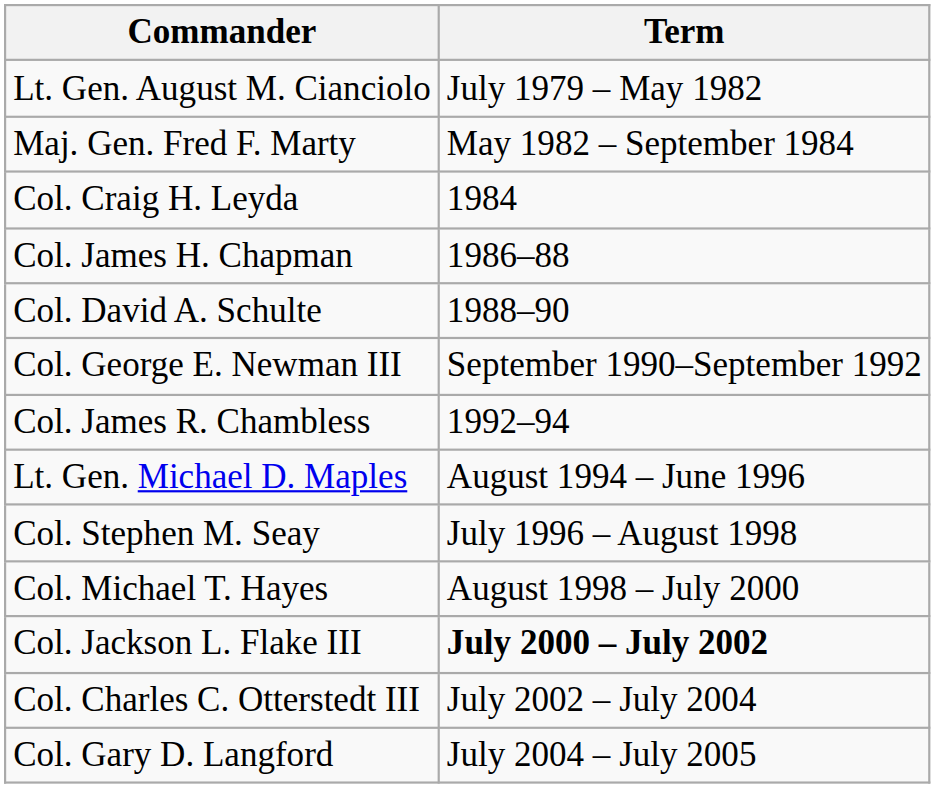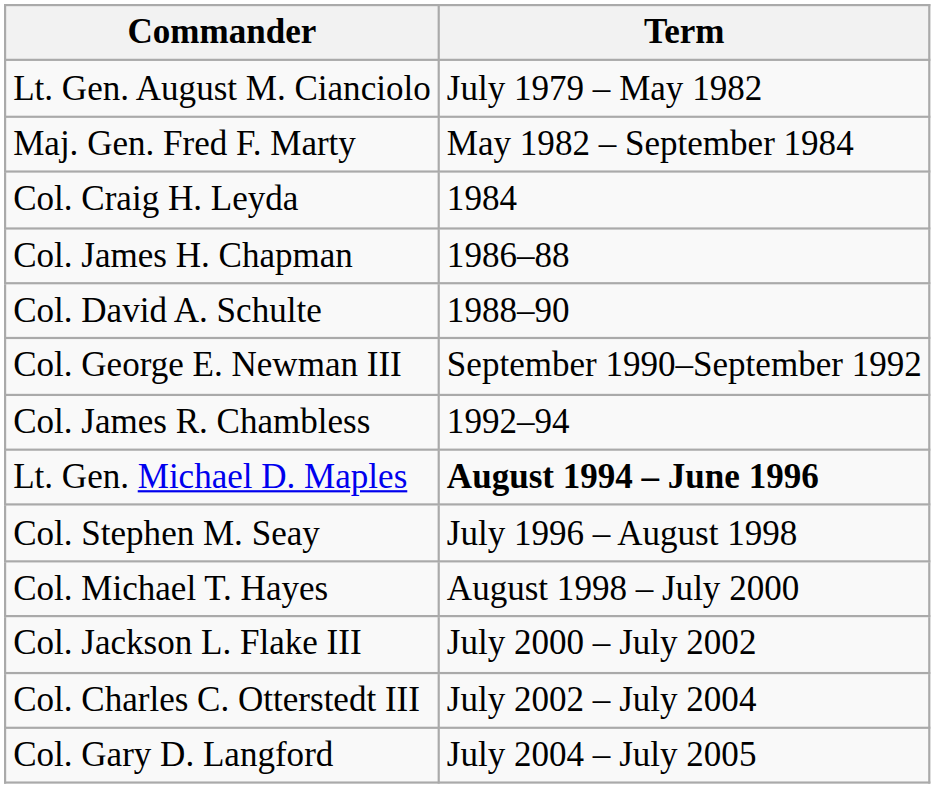 <table class="wikitable">
 <tr>
 <th>Commander</th>
 <th>Term</th>
 </tr>
 <tr>
 <td>Lt. Gen. August M. Cianciolo</td>
 <td>July 1979 – May 1982</td>
 </tr>
 <tr>
 <td>Maj. Gen. Fred F. Marty</td>
 <td>May 1982 – September 1984</td>
 </tr>
 <tr>
 <td>Col. Craig H. Leyda</td>
 <td>1984</td>
 </tr>
 <tr>
 <td>Col. James H. Chapman</td>
 <td>1986–88</td>
 </tr>
 <tr>
 <td>Col. David A. Schulte</td>
 <td>1988–90</td>
 </tr>
 <tr>
 <td>Col. George E. Newman III</td>
 <td>September 1990–September 1992</td>
 </tr>
 <tr>
 <td>Col. James R. Chambless</td>
 <td>1992–94</td>
 </tr>
 <tr>
 <td>Lt. Gen. <a href='#'>Michael D. Maples</a></td>
-<td>August 1994 – June 1996</td>
+<td><strong>August 1994 – June 1996</strong></td>
 </tr>
 <tr>
 <td>Col. Stephen M. Seay</td>
 <td>July 1996 – August 1998</td>
 </tr>
 <tr>
 <td>Col. Michael T. Hayes</td>
 <td>August 1998 – July 2000</td>
 </tr>
 <tr>
 <td>Col. Jackson L. Flake III</td>
-<td><strong>July 2000 – July 2002</strong></td>
+<td>July 2000 – July 2002</td>
 </tr>
 <tr>
 <td>Col. Charles C. Otterstedt III</td>
 <td>July 2002 – July 2004</td>
 </tr>
 <tr>
 <td>Col. Gary D. Langford</td>
 <td>July 2004 – July 2005</td>
 </tr>
 </table>
